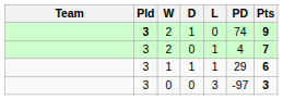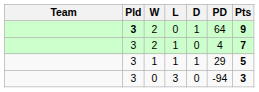 <table class="wikitable" style="text-align:center">
 <tr>
 <th width=175>Team</th>
 <th width=25 abbr="Played">Pld</th>
 <th width=25 abbr="Won">W</th>
+<th width=25 abbr="Lost">L</th>
 <th width=25 abbr="Drawn">D</th>
-<th width=25 abbr="Lost">L</th>
 <th width=32 abbr="Points difference">PD</th>
 <th width=25 abbr="Points">Pts</th>
 </tr>
 <tr style="background:#cfc">
 <td align=left></td>
 <td><strong>3</strong></td>
 <td>2</td>
+<td>0</td>
 <td>1</td>
-<td>0</td>
-<td>74</td>
+<td>64</td>
 <td><strong>9</strong></td>
 </tr>
 <tr style="background:#cfc">
 <td align=left></td>
 <td>3</td>
 <td>2</td>
+<td>1</td>
 <td>0</td>
-<td>1</td>
 <td>4</td>
 <td><strong>7</strong></td>
 </tr>
 <tr>
 <td align=left></td>
 <td>3</td>
 <td>1</td>
 <td>1</td>
 <td>1</td>
 <td>29</td>
-<td><strong>6</strong></td>
+<td><strong>5</strong></td>
 </tr>
 <tr>
 <td align=left></td>
 <td>3</td>
 <td>0</td>
+<td>3</td>
 <td>0</td>
-<td>3</td>
-<td>-97</td>
+<td>-94</td>
 <td><strong>3</strong></td>
 </tr>
 </table>
